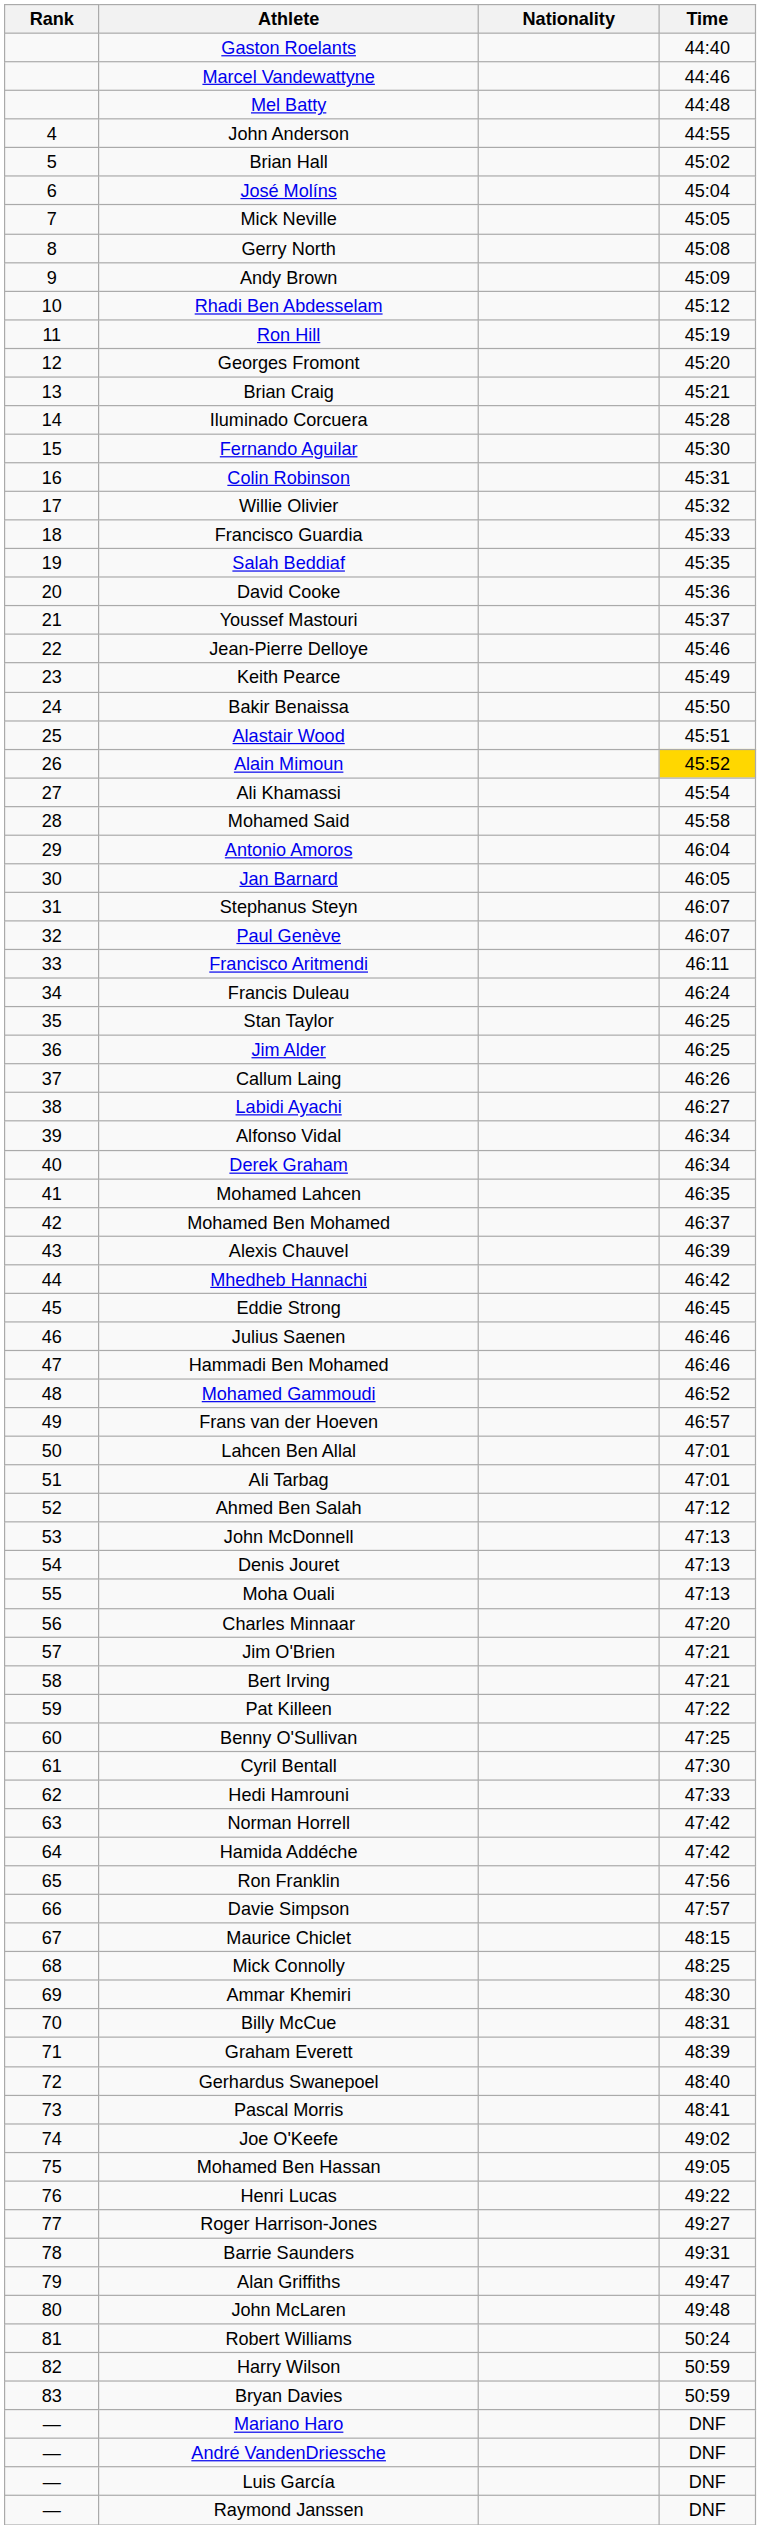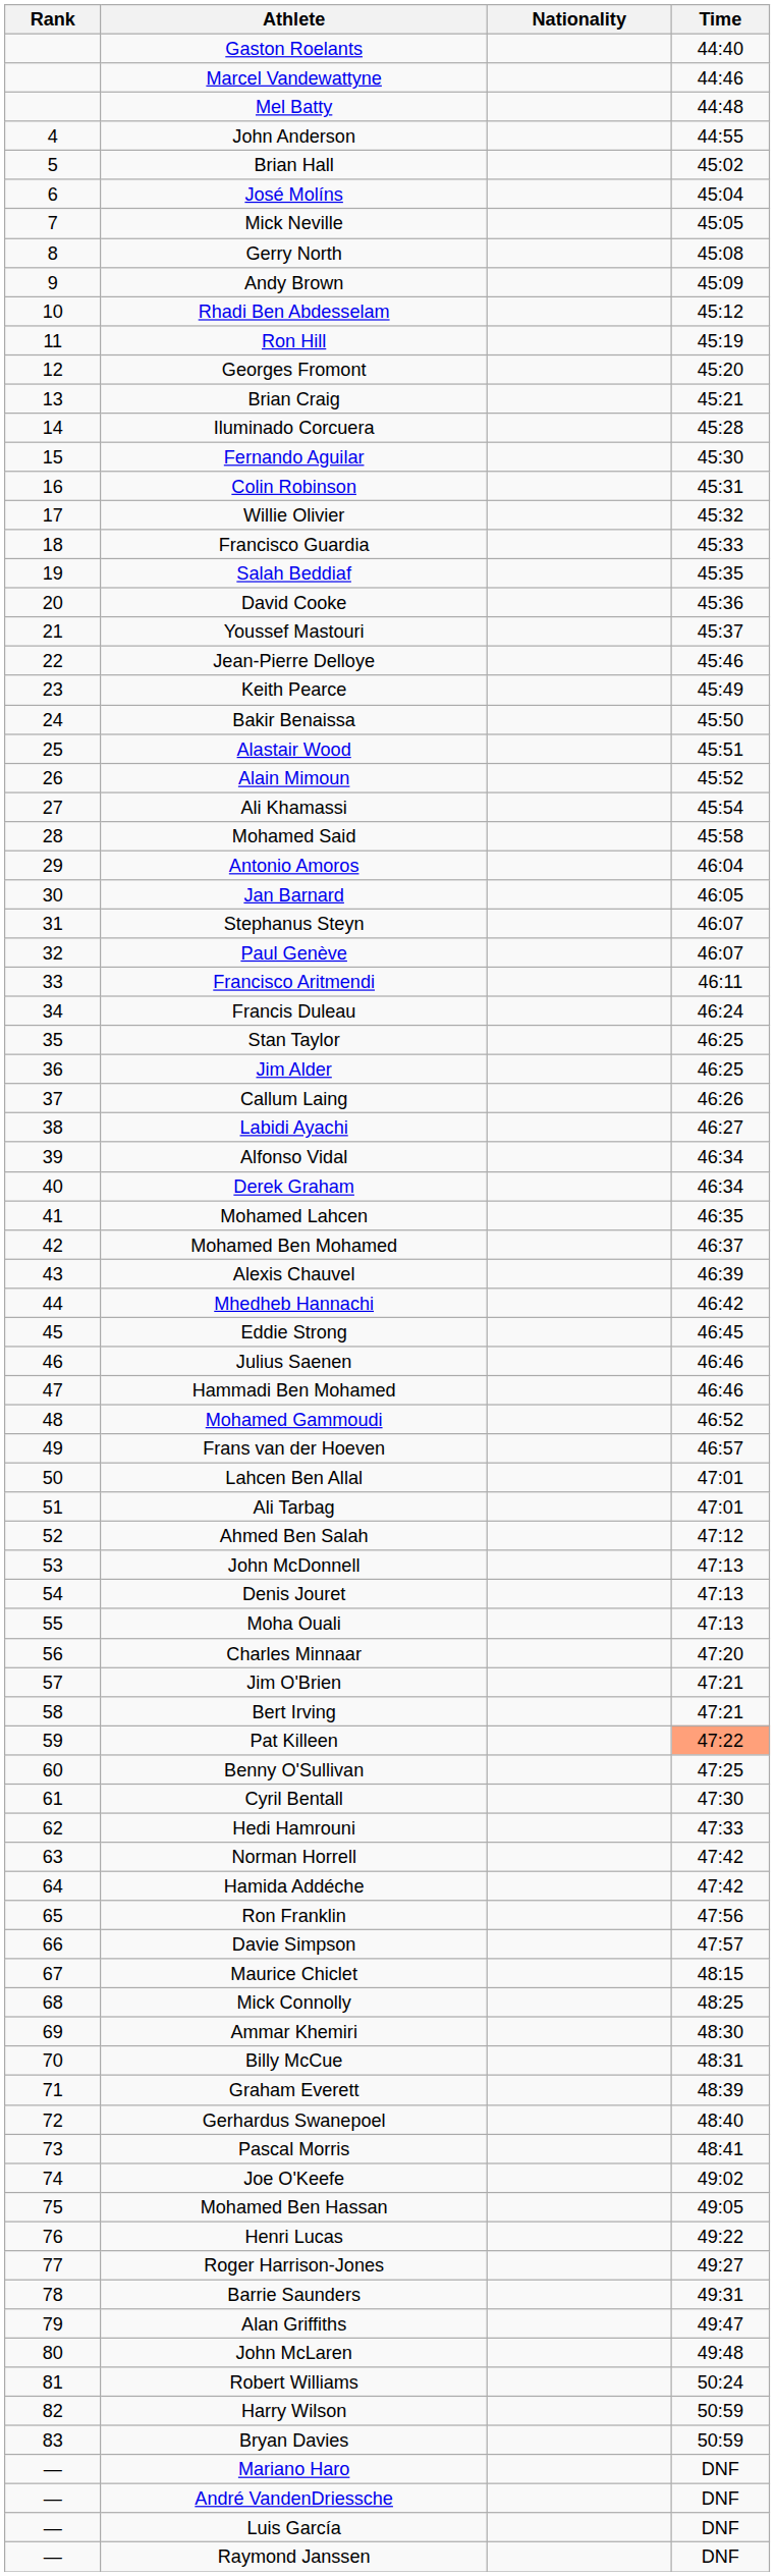 <table class="wikitable sortable" style=" text-align:center; font-size:95%;" width="50%">
 <tr>
 <th>Rank</th>
 <th>Athlete</th>
 <th>Nationality</th>
 <th>Time</th>
 </tr>
 <tr>
 <td align=center></td>
 <td><a href='#'>Gaston Roelants</a></td>
 <td></td>
 <td>44:40</td>
 </tr>
 <tr>
 <td align=center></td>
 <td><a href='#'>Marcel Vandewattyne</a></td>
 <td></td>
 <td>44:46</td>
 </tr>
 <tr>
 <td align=center></td>
 <td><a href='#'>Mel Batty</a></td>
 <td></td>
 <td>44:48</td>
 </tr>
 <tr>
 <td align=center>4</td>
 <td>John Anderson</td>
 <td></td>
 <td>44:55</td>
 </tr>
 <tr>
 <td align=center>5</td>
 <td>Brian Hall</td>
 <td></td>
 <td>45:02</td>
 </tr>
 <tr>
 <td align=center>6</td>
 <td><a href='#'>José Molíns</a></td>
 <td></td>
 <td>45:04</td>
 </tr>
 <tr>
 <td align=center>7</td>
 <td>Mick Neville</td>
 <td></td>
 <td>45:05</td>
 </tr>
 <tr>
 <td align=center>8</td>
 <td>Gerry North</td>
 <td></td>
 <td>45:08</td>
 </tr>
 <tr>
 <td align=center>9</td>
 <td>Andy Brown</td>
 <td></td>
 <td>45:09</td>
 </tr>
 <tr>
 <td align=center>10</td>
 <td><a href='#'>Rhadi Ben Abdesselam</a></td>
 <td></td>
 <td>45:12</td>
 </tr>
 <tr>
 <td align=center>11</td>
 <td><a href='#'>Ron Hill</a></td>
 <td></td>
 <td>45:19</td>
 </tr>
 <tr>
 <td align=center>12</td>
 <td>Georges Fromont</td>
 <td></td>
 <td>45:20</td>
 </tr>
 <tr>
 <td align=center>13</td>
 <td>Brian Craig</td>
 <td></td>
 <td>45:21</td>
 </tr>
 <tr>
 <td align=center>14</td>
 <td>Iluminado Corcuera</td>
 <td></td>
 <td>45:28</td>
 </tr>
 <tr>
 <td align=center>15</td>
 <td><a href='#'>Fernando Aguilar</a></td>
 <td></td>
 <td>45:30</td>
 </tr>
 <tr>
 <td align=center>16</td>
 <td><a href='#'>Colin Robinson</a></td>
 <td></td>
 <td>45:31</td>
 </tr>
 <tr>
 <td align=center>17</td>
 <td>Willie Olivier</td>
 <td></td>
 <td>45:32</td>
 </tr>
 <tr>
 <td align=center>18</td>
 <td>Francisco Guardia</td>
 <td></td>
 <td>45:33</td>
 </tr>
 <tr>
 <td align=center>19</td>
 <td><a href='#'>Salah Beddiaf</a></td>
 <td></td>
 <td>45:35</td>
 </tr>
 <tr>
 <td align=center>20</td>
 <td>David Cooke</td>
 <td></td>
 <td>45:36</td>
 </tr>
 <tr>
 <td align=center>21</td>
 <td>Youssef Mastouri</td>
 <td></td>
 <td>45:37</td>
 </tr>
 <tr>
 <td align=center>22</td>
 <td>Jean-Pierre Delloye</td>
 <td></td>
 <td>45:46</td>
 </tr>
 <tr>
 <td align=center>23</td>
 <td>Keith Pearce</td>
 <td></td>
 <td>45:49</td>
 </tr>
 <tr>
 <td align=center>24</td>
 <td>Bakir Benaissa</td>
 <td></td>
 <td>45:50</td>
 </tr>
 <tr>
 <td align=center>25</td>
 <td><a href='#'>Alastair Wood</a></td>
 <td></td>
 <td>45:51</td>
 </tr>
 <tr>
 <td align=center>26</td>
 <td><a href='#'>Alain Mimoun</a></td>
 <td></td>
-<td style="background: gold;">45:52</td>
+<td>45:52</td>
 </tr>
 <tr>
 <td align=center>27</td>
 <td>Ali Khamassi</td>
 <td></td>
 <td>45:54</td>
 </tr>
 <tr>
 <td align=center>28</td>
 <td>Mohamed Said</td>
 <td></td>
 <td>45:58</td>
 </tr>
 <tr>
 <td align=center>29</td>
 <td><a href='#'>Antonio Amoros</a></td>
 <td></td>
 <td>46:04</td>
 </tr>
 <tr>
 <td align=center>30</td>
 <td><a href='#'>Jan Barnard</a></td>
 <td></td>
 <td>46:05</td>
 </tr>
 <tr>
 <td align=center>31</td>
 <td>Stephanus Steyn</td>
 <td></td>
 <td>46:07</td>
 </tr>
 <tr>
 <td align=center>32</td>
 <td><a href='#'>Paul Genève</a></td>
 <td></td>
 <td>46:07</td>
 </tr>
 <tr>
 <td align=center>33</td>
 <td><a href='#'>Francisco Aritmendi</a></td>
 <td></td>
 <td>46:11</td>
 </tr>
 <tr>
 <td align=center>34</td>
 <td>Francis Duleau</td>
 <td></td>
 <td>46:24</td>
 </tr>
 <tr>
 <td align=center>35</td>
 <td>Stan Taylor</td>
 <td></td>
 <td>46:25</td>
 </tr>
 <tr>
 <td align=center>36</td>
 <td><a href='#'>Jim Alder</a></td>
 <td></td>
 <td>46:25</td>
 </tr>
 <tr>
 <td align=center>37</td>
 <td>Callum Laing</td>
 <td></td>
 <td>46:26</td>
 </tr>
 <tr>
 <td align=center>38</td>
 <td><a href='#'>Labidi Ayachi</a></td>
 <td></td>
 <td>46:27</td>
 </tr>
 <tr>
 <td align=center>39</td>
 <td>Alfonso Vidal</td>
 <td></td>
 <td>46:34</td>
 </tr>
 <tr>
 <td align=center>40</td>
 <td><a href='#'>Derek Graham</a></td>
 <td></td>
 <td>46:34</td>
 </tr>
 <tr>
 <td align=center>41</td>
 <td>Mohamed Lahcen</td>
 <td></td>
 <td>46:35</td>
 </tr>
 <tr>
 <td align=center>42</td>
 <td>Mohamed Ben Mohamed</td>
 <td></td>
 <td>46:37</td>
 </tr>
 <tr>
 <td align=center>43</td>
 <td>Alexis Chauvel</td>
 <td></td>
 <td>46:39</td>
 </tr>
 <tr>
 <td align=center>44</td>
 <td><a href='#'>Mhedheb Hannachi</a></td>
 <td></td>
 <td>46:42</td>
 </tr>
 <tr>
 <td align=center>45</td>
 <td>Eddie Strong</td>
 <td></td>
 <td>46:45</td>
 </tr>
 <tr>
 <td align=center>46</td>
 <td>Julius Saenen</td>
 <td></td>
 <td>46:46</td>
 </tr>
 <tr>
 <td align=center>47</td>
 <td>Hammadi Ben Mohamed</td>
 <td></td>
 <td>46:46</td>
 </tr>
 <tr>
 <td align=center>48</td>
 <td><a href='#'>Mohamed Gammoudi</a></td>
 <td></td>
 <td>46:52</td>
 </tr>
 <tr>
 <td align=center>49</td>
 <td>Frans van der Hoeven</td>
 <td></td>
 <td>46:57</td>
 </tr>
 <tr>
 <td align=center>50</td>
 <td>Lahcen Ben Allal</td>
 <td></td>
 <td>47:01</td>
 </tr>
 <tr>
 <td align=center>51</td>
 <td>Ali Tarbag</td>
 <td></td>
 <td>47:01</td>
 </tr>
 <tr>
 <td align=center>52</td>
 <td>Ahmed Ben Salah</td>
 <td></td>
 <td>47:12</td>
 </tr>
 <tr>
 <td align=center>53</td>
 <td>John McDonnell</td>
 <td></td>
 <td>47:13</td>
 </tr>
 <tr>
 <td align=center>54</td>
 <td>Denis Jouret</td>
 <td></td>
 <td>47:13</td>
 </tr>
 <tr>
 <td align=center>55</td>
 <td>Moha Ouali</td>
 <td></td>
 <td>47:13</td>
 </tr>
 <tr>
 <td align=center>56</td>
 <td>Charles Minnaar</td>
 <td></td>
 <td>47:20</td>
 </tr>
 <tr>
 <td align=center>57</td>
 <td>Jim O'Brien</td>
 <td></td>
 <td>47:21</td>
 </tr>
 <tr>
 <td align=center>58</td>
 <td>Bert Irving</td>
 <td></td>
 <td>47:21</td>
 </tr>
 <tr>
 <td align=center>59</td>
 <td>Pat Killeen</td>
 <td></td>
-<td>47:22</td>
+<td style="background: lightsalmon;">47:22</td>
 </tr>
 <tr>
 <td align=center>60</td>
 <td>Benny O'Sullivan</td>
 <td></td>
 <td>47:25</td>
 </tr>
 <tr>
 <td align=center>61</td>
 <td>Cyril Bentall</td>
 <td></td>
 <td>47:30</td>
 </tr>
 <tr>
 <td align=center>62</td>
 <td>Hedi Hamrouni</td>
 <td></td>
 <td>47:33</td>
 </tr>
 <tr>
 <td align=center>63</td>
 <td>Norman Horrell</td>
 <td></td>
 <td>47:42</td>
 </tr>
 <tr>
 <td align=center>64</td>
 <td>Hamida Addéche</td>
 <td></td>
 <td>47:42</td>
 </tr>
 <tr>
 <td align=center>65</td>
 <td>Ron Franklin</td>
 <td></td>
 <td>47:56</td>
 </tr>
 <tr>
 <td align=center>66</td>
 <td>Davie Simpson</td>
 <td></td>
 <td>47:57</td>
 </tr>
 <tr>
 <td align=center>67</td>
 <td>Maurice Chiclet</td>
 <td></td>
 <td>48:15</td>
 </tr>
 <tr>
 <td align=center>68</td>
 <td>Mick Connolly</td>
 <td></td>
 <td>48:25</td>
 </tr>
 <tr>
 <td align=center>69</td>
 <td>Ammar Khemiri</td>
 <td></td>
 <td>48:30</td>
 </tr>
 <tr>
 <td align=center>70</td>
 <td>Billy McCue</td>
 <td></td>
 <td>48:31</td>
 </tr>
 <tr>
 <td align=center>71</td>
 <td>Graham Everett</td>
 <td></td>
 <td>48:39</td>
 </tr>
 <tr>
 <td align=center>72</td>
 <td>Gerhardus Swanepoel</td>
 <td></td>
 <td>48:40</td>
 </tr>
 <tr>
 <td align=center>73</td>
 <td>Pascal Morris</td>
 <td></td>
 <td>48:41</td>
 </tr>
 <tr>
 <td align=center>74</td>
 <td>Joe O'Keefe</td>
 <td></td>
 <td>49:02</td>
 </tr>
 <tr>
 <td align=center>75</td>
 <td>Mohamed Ben Hassan</td>
 <td></td>
 <td>49:05</td>
 </tr>
 <tr>
 <td align=center>76</td>
 <td>Henri Lucas</td>
 <td></td>
 <td>49:22</td>
 </tr>
 <tr>
 <td align=center>77</td>
 <td>Roger Harrison-Jones</td>
 <td></td>
 <td>49:27</td>
 </tr>
 <tr>
 <td align=center>78</td>
 <td>Barrie Saunders</td>
 <td></td>
 <td>49:31</td>
 </tr>
 <tr>
 <td align=center>79</td>
 <td>Alan Griffiths</td>
 <td></td>
 <td>49:47</td>
 </tr>
 <tr>
 <td align=center>80</td>
 <td>John McLaren</td>
 <td></td>
 <td>49:48</td>
 </tr>
 <tr>
 <td align=center>81</td>
 <td>Robert Williams</td>
 <td></td>
 <td>50:24</td>
 </tr>
 <tr>
 <td align=center>82</td>
 <td>Harry Wilson</td>
 <td></td>
 <td>50:59</td>
 </tr>
 <tr>
 <td align=center>83</td>
 <td>Bryan Davies</td>
 <td></td>
 <td>50:59</td>
 </tr>
 <tr>
 <td align=center>—</td>
 <td><a href='#'>Mariano Haro</a></td>
 <td></td>
 <td>DNF</td>
 </tr>
 <tr>
 <td align=center>—</td>
 <td><a href='#'>André VandenDriessche</a></td>
 <td></td>
 <td>DNF</td>
 </tr>
 <tr>
 <td align=center>—</td>
 <td>Luis García</td>
 <td></td>
 <td>DNF</td>
 </tr>
 <tr>
 <td align=center>—</td>
 <td>Raymond Janssen</td>
 <td></td>
 <td>DNF</td>
 </tr>
 </table>
